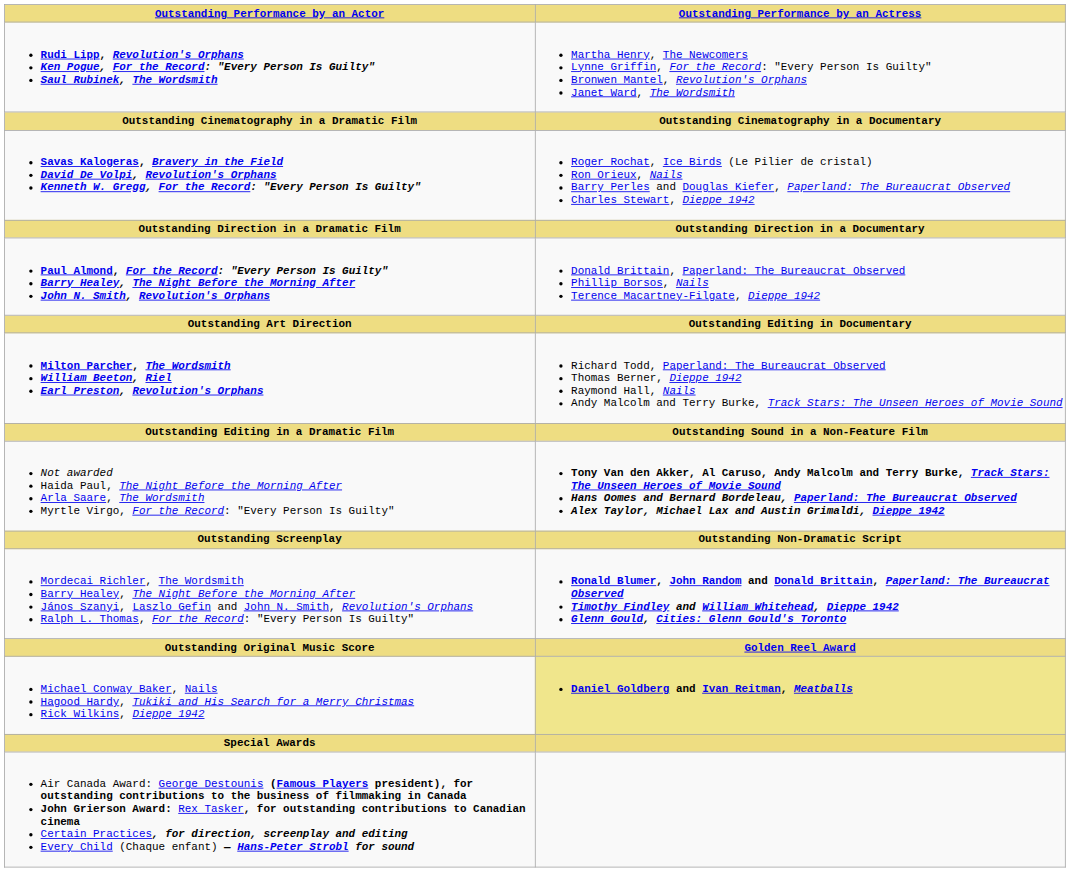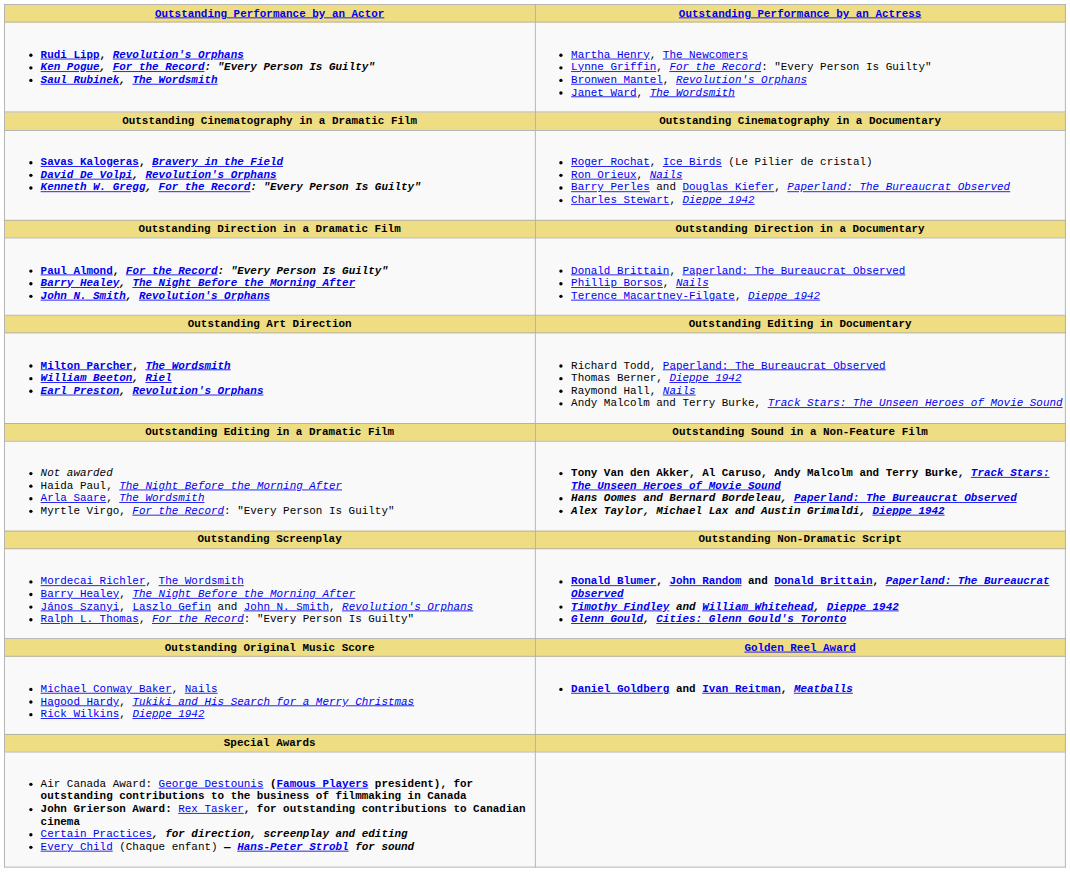 <table class=wikitable width="100%">
 <tr>
 <th style="background:#EEDD82; width:50%"><a href='#'> Outstanding Performance by an Actor</a></th>
 <th style="background:#EEDD82; width:50%"><a href='#'> Outstanding Performance by an Actress</a></th>
 </tr>
 <tr>
 <td valign="top"><br><ul><li> <strong><a href='#'>Rudi Lipp</a>, <em><a href='#'>Revolution's Orphans</a><strong><em></li><li><a href='#'>Ken Pogue</a>, </em><a href='#'>For the Record</a><em>: "Every Person Is Guilty"</li><li><a href='#'>Saul Rubinek</a>, </em><a href='#'>The Wordsmith</a><em></li></ul></td>
 <td valign="top"><br><ul><li> </strong><a href='#'>Martha Henry</a>, </em><a href='#'>The Newcomers</a></em></strong></li><li><a href='#'>Lynne Griffin</a>, <em><a href='#'>For the Record</a></em>: "Every Person Is Guilty"</li><li><a href='#'>Bronwen Mantel</a>, <em><a href='#'>Revolution's Orphans</a></em></li><li><a href='#'>Janet Ward</a>, <em><a href='#'>The Wordsmith</a></em></li></ul></td>
 </tr>
 <tr>
 <th style="background:#EEDD82; width:50%">Outstanding Cinematography in a Dramatic Film</th>
 <th style="background:#EEDD82; width:50%">Outstanding Cinematography in a Documentary</th>
 </tr>
 <tr>
 <td valign="top"><br><ul><li> <strong><a href='#'>Savas Kalogeras</a>, <em><a href='#'>Bravery in the Field</a><strong><em></li><li><a href='#'>David De Volpi</a>, </em><a href='#'>Revolution's Orphans</a><em></li><li><a href='#'>Kenneth W. Gregg</a>, </em><a href='#'>For the Record</a><em>: "Every Person Is Guilty"</li></ul></td>
 <td valign="top"><br><ul><li> </strong><a href='#'>Roger Rochat</a>, </em><a href='#'>Ice Birds</a> (Le Pilier de cristal)</em></strong></li><li><a href='#'>Ron Orieux</a>, <em><a href='#'>Nails</a></em></li><li><a href='#'>Barry Perles</a> and <a href='#'>Douglas Kiefer</a>, <em><a href='#'>Paperland: The Bureaucrat Observed</a></em></li><li><a href='#'>Charles Stewart</a>, <em><a href='#'>Dieppe 1942</a></em></li></ul></td>
 </tr>
 <tr>
 <th style="background:#EEDD82; width:50%">Outstanding Direction in a Dramatic Film</th>
 <th style="background:#EEDD82; width:50%">Outstanding Direction in a Documentary</th>
 </tr>
 <tr>
 <td valign="top"><br><ul><li> <strong><a href='#'>Paul Almond</a>, <em><a href='#'>For the Record</a><strong><em>: "Every Person Is Guilty"</li><li><a href='#'>Barry Healey</a>, </em><a href='#'>The Night Before the Morning After</a><em></li><li><a href='#'>John N. Smith</a>, </em><a href='#'>Revolution's Orphans</a><em></li></ul></td>
 <td valign="top"><br><ul><li> </strong><a href='#'>Donald Brittain</a>, </em><a href='#'>Paperland: The Bureaucrat Observed</a></em></strong></li><li><a href='#'>Phillip Borsos</a>, <em><a href='#'>Nails</a></em></li><li><a href='#'>Terence Macartney-Filgate</a>, <em><a href='#'>Dieppe 1942</a></em></li></ul></td>
 </tr>
 <tr>
 <th style="background:#EEDD82; width:50%">Outstanding Art Direction</th>
 <th style="background:#EEDD82; width:50%">Outstanding Editing in Documentary</th>
 </tr>
 <tr>
 <td valign="top"><br><ul><li> <strong><a href='#'>Milton Parcher</a>, <em><a href='#'>The Wordsmith</a><strong><em></li><li><a href='#'>William Beeton</a>, </em><a href='#'>Riel</a><em></li><li><a href='#'>Earl Preston</a>, </em><a href='#'>Revolution's Orphans</a><em></li></ul></td>
 <td valign="top"><br><ul><li> </strong>Richard Todd, </em><a href='#'>Paperland: The Bureaucrat Observed</a></em></strong></li><li>Thomas Berner, <em><a href='#'>Dieppe 1942</a></em></li><li>Raymond Hall, <em><a href='#'>Nails</a></em></li><li>Andy Malcolm and Terry Burke, <em><a href='#'>Track Stars: The Unseen Heroes of Movie Sound</a></em></li></ul></td>
 </tr>
 <tr>
 <th style="background:#EEDD82; width:50%">Outstanding Editing in a Dramatic Film</th>
 <th style="background:#EEDD82; width:50%">Outstanding Sound in a Non-Feature Film</th>
 </tr>
 <tr>
 <td valign="top"><br><ul><li> <em>Not awarded</em></li><li>Haida Paul, <em><a href='#'>The Night Before the Morning After</a></em></li><li><a href='#'>Arla Saare</a>, <em><a href='#'>The Wordsmith</a></em></li><li>Myrtle Virgo, <em><a href='#'>For the Record</a></em>: "Every Person Is Guilty"</li></ul></td>
 <td valign="top"><br><ul><li> <strong>Tony Van den Akker, Al Caruso, Andy Malcolm and Terry Burke, <em><a href='#'>Track Stars: The Unseen Heroes of Movie Sound</a><strong><em></li><li>Hans Oomes and Bernard Bordeleau, </em><a href='#'>Paperland: The Bureaucrat Observed</a><em></li><li>Alex Taylor, Michael Lax and Austin Grimaldi, </em><a href='#'>Dieppe 1942</a><em></li></ul></td>
 </tr>
 <tr>
 <th style="background:#EEDD82; width:50%">Outstanding Screenplay</th>
 <th style="background:#EEDD82; width:50%">Outstanding Non-Dramatic Script</th>
 </tr>
 <tr>
 <td valign="top"><br><ul><li> </strong><a href='#'>Mordecai Richler</a>, </em><a href='#'>The Wordsmith</a></em></strong></li><li><a href='#'>Barry Healey</a>, <em><a href='#'>The Night Before the Morning After</a></em></li><li><a href='#'>János Szanyi</a>, <a href='#'>Laszlo Gefin</a> and <a href='#'>John N. Smith</a>, <em><a href='#'>Revolution's Orphans</a></em></li><li><a href='#'>Ralph L. Thomas</a>, <em><a href='#'>For the Record</a></em>: "Every Person Is Guilty"</li></ul></td>
 <td valign="top"><br><ul><li> <strong><a href='#'>Ronald Blumer</a>, <a href='#'>John Random</a> and <a href='#'>Donald Brittain</a>, <em><a href='#'>Paperland: The Bureaucrat Observed</a><strong><em></li><li><a href='#'>Timothy Findley</a> and <a href='#'>William Whitehead</a>, </em><a href='#'>Dieppe 1942</a><em></li><li><a href='#'>Glenn Gould</a>, </em><a href='#'>Cities: Glenn Gould's Toronto</a><em></li></ul></td>
 </tr>
 <tr>
 <th style="background:#EEDD82; width:50%">Outstanding Original Music Score</th>
 <th style="background:#EEDD82; width:50%"><a href='#'>Golden Reel Award</a></th>
 </tr>
 <tr>
 <td valign="top"><br><ul><li> </strong><a href='#'>Michael Conway Baker</a>, </em><a href='#'>Nails</a></em></strong></li><li><a href='#'>Hagood Hardy</a>, <em><a href='#'>Tukiki and His Search for a Merry Christmas</a></em></li><li><a href='#'>Rick Wilkins</a>, <em><a href='#'>Dieppe 1942</a></em></li></ul></td>
-<td valign="top" style="background: khaki;"><br><ul><li><strong><a href='#'>Daniel Goldberg</a> and <a href='#'>Ivan Reitman</a>, <em><a href='#'>Meatballs</a><strong><em></li></ul></td>
+<td valign="top"><br><ul><li><strong><a href='#'>Daniel Goldberg</a> and <a href='#'>Ivan Reitman</a>, <em><a href='#'>Meatballs</a><strong><em></li></ul></td>
 </tr>
 <tr>
 <th style="background:#EEDD82; width:50%">Special Awards</th>
 <th style="background:#EEDD82; width:50%"></th>
 </tr>
 <tr>
 <td valign="top"><br><ul><li>Air Canada Award: </strong><a href='#'>George Destounis</a><strong> (<a href='#'>Famous Players</a> president), for outstanding contributions to the business of filmmaking in Canada</li><li>John Grierson Award: </strong><a href='#'>Rex Tasker</a><strong>, for outstanding contributions to Canadian cinema</li><li></em></strong><a href='#'>Certain Practices</a><strong><em>, for direction, screenplay and editing</li><li></em></strong><a href='#'>Every Child</a> (Chaque enfant)<strong><em> — <a href='#'>Hans-Peter Strobl</a> for sound</li></ul></td>
 </tr>
 </table>
